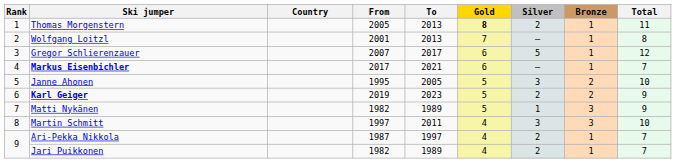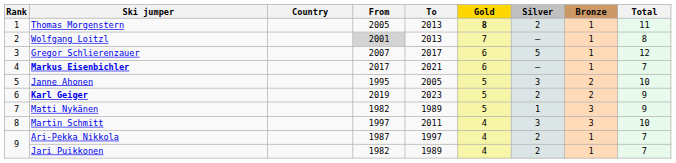 <table class="wikitable plainrowheaders" width=80% style="text-align:center;">
 <tr style="background-color:#EDEDED;">
 <th class="hintergrundfarbe5" style="width:1em">Rank</th>
 <th class="hintergrundfarbe5">Ski jumper</th>
 <th class="hintergrundfarbe5">Country</th>
 <th class="hintergrundfarbe5">From</th>
 <th class="hintergrundfarbe5">To</th>
 <th style="background:    gold; width:8%">Gold</th>
 <th style="background:  silver; width:8%">Silver</th>
 <th style="background: #CC9966; width:8%">Bronze</th>
 <th class="hintergrundfarbe5" style="width:8%">Total</th>
 </tr>
 <tr>
 <td>1</td>
 <td align="left"><a href='#'>Thomas Morgenstern</a></td>
 <td align="left"></td>
 <td>2005</td>
 <td>2013</td>
 <td bgcolor="#F7F6A8"><strong>8</strong></td>
 <td bgcolor="#DCE5E5">2</td>
 <td bgcolor="#FFDAB9">1</td>
 <td bgcolor="#E7FAEC">11</td>
 </tr>
 <tr align="center">
 <td>2</td>
 <td align="left"><a href='#'>Wolfgang Loitzl</a></td>
 <td align="left"></td>
-<td>2001</td>
+<td style="background: lightgrey;">2001</td>
 <td>2013</td>
 <td bgcolor="#F7F6A8">7</td>
 <td bgcolor="#DCE5E5">–</td>
 <td bgcolor="#FFDAB9">1</td>
 <td bgcolor="#E7FAEC">8</td>
 </tr>
 <tr align="center">
 <td>3</td>
 <td align="left"><a href='#'>Gregor Schlierenzauer</a></td>
 <td align="left"></td>
 <td>2007</td>
 <td>2017</td>
 <td bgcolor="#F7F6A8">6</td>
 <td bgcolor="#DCE5E5">5</td>
 <td bgcolor="#FFDAB9">1</td>
 <td bgcolor="#E7FAEC">12</td>
 </tr>
 <tr align="center">
 <td>4</td>
 <td align="left"><strong><a href='#'>Markus Eisenbichler</a></strong></td>
 <td align="left"></td>
 <td>2017</td>
 <td>2021</td>
 <td bgcolor="#F7F6A8">6</td>
 <td bgcolor="#DCE5E5">–</td>
 <td bgcolor="#FFDAB9">1</td>
 <td bgcolor="#E7FAEC">7</td>
 </tr>
 <tr align="center">
 <td>5</td>
 <td align="left"><a href='#'>Janne Ahonen</a></td>
 <td align="left"></td>
 <td>1995</td>
 <td>2005</td>
 <td bgcolor="#F7F6A8">5</td>
 <td bgcolor="#DCE5E5">3</td>
 <td bgcolor="#FFDAB9">2</td>
 <td bgcolor="#E7FAEC">10</td>
 </tr>
 <tr align="center">
 <td>6</td>
 <td align="left"><strong><a href='#'>Karl Geiger</a></strong></td>
 <td align="left"></td>
 <td>2019</td>
 <td>2023</td>
 <td bgcolor="#F7F6A8">5</td>
 <td bgcolor="#DCE5E5">2</td>
 <td bgcolor="#FFDAB9">2</td>
 <td bgcolor="#E7FAEC">9</td>
 </tr>
 <tr align="center">
 <td>7</td>
 <td align="left"><a href='#'>Matti Nykänen</a></td>
 <td align="left"></td>
 <td>1982</td>
 <td>1989</td>
 <td bgcolor="#F7F6A8">5</td>
 <td bgcolor="#DCE5E5">1</td>
 <td bgcolor="#FFDAB9">3</td>
 <td bgcolor="#E7FAEC">9</td>
 </tr>
 <tr align="center">
 <td>8</td>
 <td align="left"><a href='#'>Martin Schmitt</a></td>
 <td align="left"></td>
 <td>1997</td>
 <td>2011</td>
 <td bgcolor="#F7F6A8">4</td>
 <td bgcolor="#DCE5E5">3</td>
 <td bgcolor="#FFDAB9">3</td>
 <td bgcolor="#E7FAEC">10</td>
 </tr>
 <tr align="center">
 <td rowspan="2">9</td>
 <td align="left"><a href='#'>Ari-Pekka Nikkola</a></td>
 <td align="left"></td>
 <td>1987</td>
 <td>1997</td>
 <td bgcolor="#F7F6A8">4</td>
 <td bgcolor="#DCE5E5">2</td>
 <td bgcolor="#FFDAB9">1</td>
 <td bgcolor="#E7FAEC">7</td>
 </tr>
 <tr align="center">
 <td align="left"><a href='#'>Jari Puikkonen</a></td>
 <td align="left"></td>
 <td>1982</td>
 <td>1989</td>
 <td bgcolor="#F7F6A8">4</td>
 <td bgcolor="#DCE5E5">2</td>
 <td bgcolor="#FFDAB9">1</td>
 <td bgcolor="#E7FAEC">7</td>
 </tr>
 </table>
